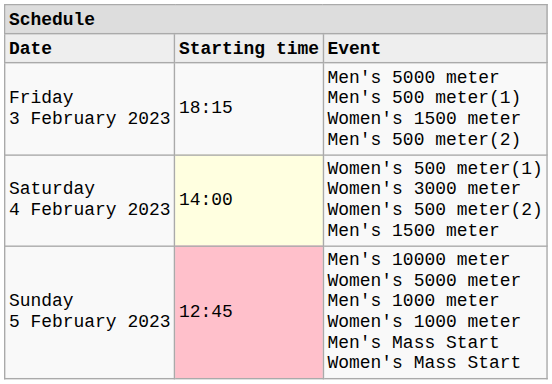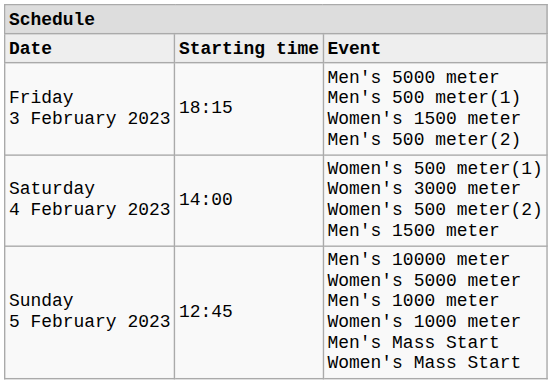 <table class="wikitable">
 <tr align=left bgcolor=#DDDDDD>
 <td colspan=3><strong>Schedule</strong></td>
 </tr>
 <tr align=left bgcolor=#EEEEEE>
 <td><strong>Date</strong></td>
 <td><strong>Starting time</strong></td>
 <td><strong>Event</strong></td>
 </tr>
 <tr>
 <td>Friday <br> 3 February 2023</td>
 <td>18:15</td>
 <td>Men's 5000 meter <br> Men's 500 meter(1) <br> Women's 1500 meter <br> Men's 500 meter(2)</td>
 </tr>
 <tr>
 <td>Saturday <br> 4 February 2023</td>
-<td style="background: lightyellow;">14:00</td>
+<td>14:00</td>
 <td>Women's 500 meter(1) <br> Women's 3000 meter <br> Women's 500 meter(2) <br> Men's 1500 meter</td>
 </tr>
 <tr>
 <td>Sunday <br> 5 February 2023</td>
-<td style="background: pink;">12:45</td>
+<td>12:45</td>
 <td>Men's 10000 meter <br> Women's 5000 meter <br> Men's 1000 meter <br> Women's 1000 meter <br> Men's Mass Start <br> Women's Mass Start</td>
 </tr>
 </table>
